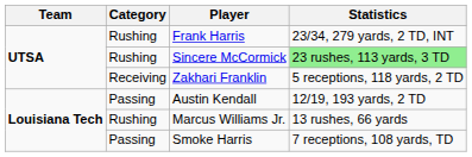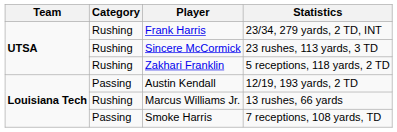 <table class="wikitable" style="float: right;">
 <tr>
 <th>Team</th>
 <th>Category</th>
 <th>Player</th>
 <th>Statistics</th>
 </tr>
 <tr>
 <td rowspan=3><strong>UTSA</strong></td>
 <td>Rushing</td>
 <td><a href='#'>Frank Harris</a></td>
 <td>23/34, 279 yards, 2 TD, INT</td>
 </tr>
 <tr>
 <td>Rushing</td>
 <td><a href='#'>Sincere McCormick</a></td>
-<td style="background: lightgreen;">23 rushes, 113 yards, 3 TD</td>
+<td>23 rushes, 113 yards, 3 TD</td>
 </tr>
 <tr>
-<td>Receiving</td>
+<td>Rushing</td>
 <td><a href='#'>Zakhari Franklin</a></td>
 <td>5 receptions, 118 yards, 2 TD</td>
 </tr>
 <tr>
 <td rowspan=3><strong>Louisiana Tech</strong></td>
 <td>Passing</td>
 <td>Austin Kendall</td>
 <td>12/19, 193 yards, 2 TD</td>
 </tr>
 <tr>
 <td>Rushing</td>
 <td>Marcus Williams Jr.</td>
 <td>13 rushes, 66 yards</td>
 </tr>
 <tr>
 <td>Passing</td>
 <td>Smoke Harris</td>
 <td>7 receptions, 108 yards, TD</td>
 </tr>
 </table>
